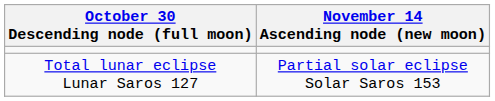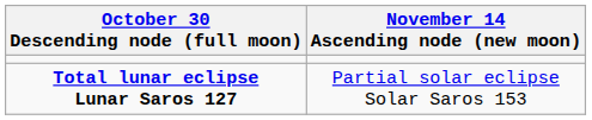 <table class="wikitable">
 <tr>
 <th><a href='#'>October 30</a><br>Descending node (full moon)<br></th>
 <th><a href='#'>November 14</a><br>Ascending node (new moon)<br></th>
 </tr>
 <tr>
 <td></td>
 <td></td>
 </tr>
 <tr align=center>
-<td><a href='#'>Total lunar eclipse</a><br>Lunar Saros 127</td>
+<td><strong><a href='#'>Total lunar eclipse</a><br>Lunar Saros 127</strong></td>
 <td><a href='#'>Partial solar eclipse</a><br>Solar Saros 153</td>
 </tr>
 </table>
